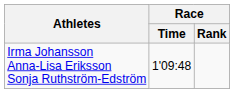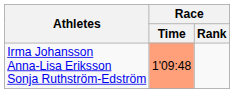 <table class="wikitable" border="1" style="font-size:90%">
 <tr>
 <th rowspan=2>Athletes</th>
 <th colspan=2>Race</th>
 </tr>
 <tr>
 <th>Time</th>
 <th>Rank</th>
 </tr>
 <tr>
 <td><a href='#'>Irma Johansson</a><br><a href='#'>Anna-Lisa Eriksson</a><br><a href='#'>Sonja Ruthström-Edström</a></td>
-<td align=center>1'09:48</td>
+<td align=center style="background: lightsalmon;">1'09:48</td>
 <td align=center></td>
 </tr>
 </table>
